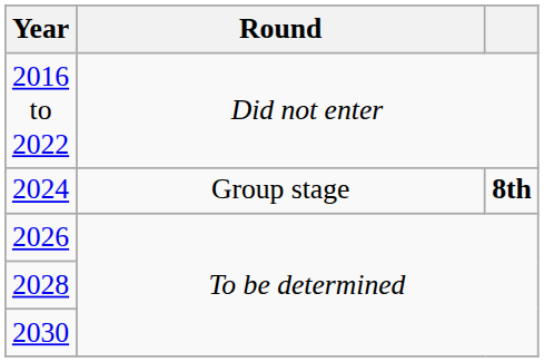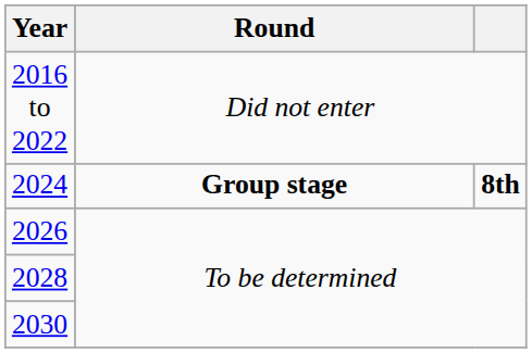 <table class="wikitable" style="text-align: center; font-size:90%">
 <tr>
 <th>Year</th>
 <th style="width:200px">Round</th>
 <th></th>
 </tr>
 <tr>
 <td><a href='#'>2016</a><br>to<br><a href='#'>2022</a></td>
 <td colspan="2"><em>Did not enter</em></td>
 </tr>
 <tr>
 <td><a href='#'>2024</a></td>
-<td>Group stage</td>
+<td><strong>Group stage</strong></td>
 <td><strong>8th</strong></td>
 </tr>
 <tr>
 <td><a href='#'>2026</a></td>
 <td colspan="2" rowspan="3"><em>To be determined</em></td>
 </tr>
 <tr>
 <td><a href='#'>2028</a></td>
 </tr>
 <tr>
 <td><a href='#'>2030</a></td>
 </tr>
 </table>
